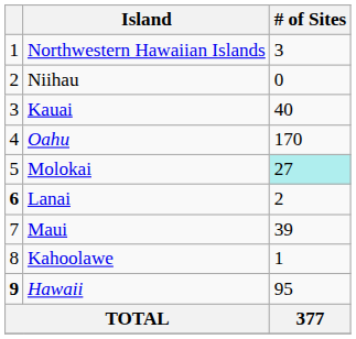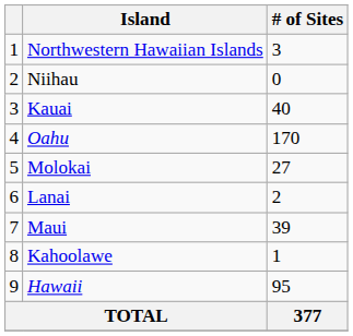 <table class="wikitable sortable">
 <tr>
 <th></th>
 <th><strong>Island</strong></th>
 <th><strong># of Sites</strong></th>
 </tr>
 <tr ->
 <td>1</td>
 <td><a href='#'>Northwestern Hawaiian Islands</a></td>
 <td>3</td>
 </tr>
 <tr ->
 <td>2</td>
 <td>Niihau</td>
 <td>0</td>
 </tr>
 <tr ->
 <td>3</td>
 <td><a href='#'>Kauai</a></td>
 <td>40</td>
 </tr>
 <tr ->
 <td>4</td>
 <td><em><a href='#'>Oahu</a></em></td>
 <td>170</td>
 </tr>
 <tr ->
 <td>5</td>
 <td><a href='#'>Molokai</a></td>
-<td style="background: paleturquoise;">27</td>
+<td>27</td>
 </tr>
 <tr ->
-<td><strong>6</strong></td>
+<td>6</td>
 <td><a href='#'>Lanai</a></td>
 <td>2</td>
 </tr>
 <tr ->
 <td>7</td>
 <td><a href='#'>Maui</a></td>
 <td>39</td>
 </tr>
 <tr ->
 <td>8</td>
 <td><a href='#'>Kahoolawe</a></td>
 <td>1</td>
 </tr>
 <tr ->
-<td><strong>9</strong></td>
+<td>9</td>
 <td><em><a href='#'>Hawaii</a></em></td>
 <td>95</td>
 </tr>
 <tr class="sortbottom">
 <th colspan="2">TOTAL</th>
 <th>377</th>
 </tr>
 <tr ->
 </tr>
 </table>
